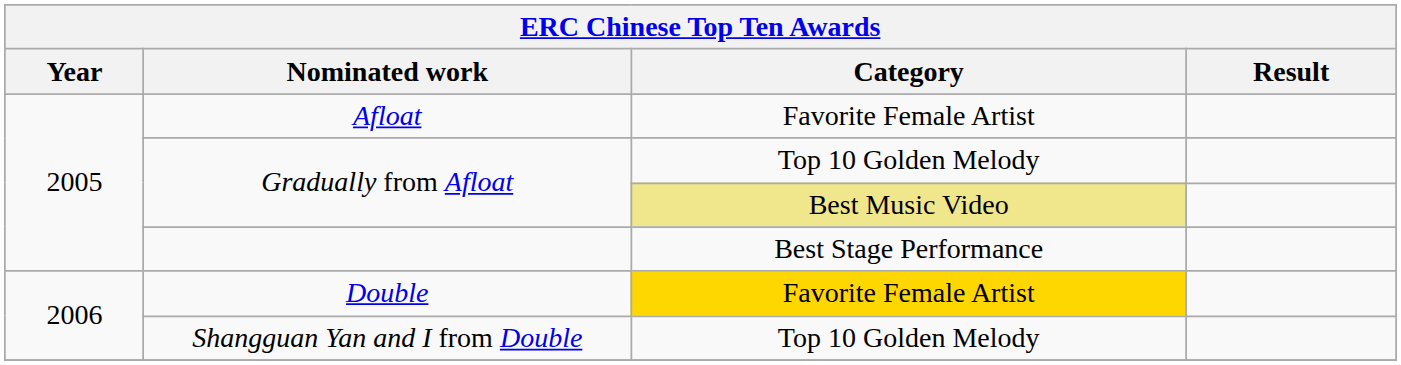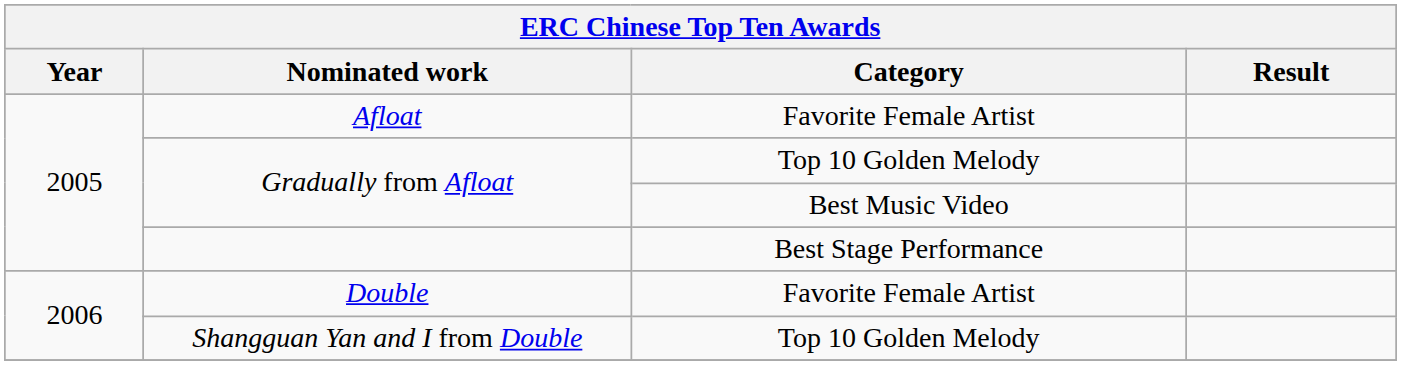 <table width="90%" class="wikitable">
 <tr>
 <th colspan="4" align="center"><a href='#'>ERC Chinese Top Ten Awards</a></th>
 </tr>
 <tr>
 <th width="10%">Year</th>
 <th width="35%">Nominated work</th>
 <th width="40%">Category</th>
 <th width="15%">Result</th>
 </tr>
 <tr>
 <td align="center" rowspan=4>2005</td>
 <td align="center" rowspan=1><em><a href='#'>Afloat</a></em></td>
 <td align="center">Favorite Female Artist</td>
 <td></td>
 </tr>
 <tr>
 <td align="center" rowspan=2><em>Gradually</em> from <em><a href='#'>Afloat</a></em></td>
 <td align="center">Top 10 Golden Melody</td>
 <td></td>
 </tr>
 <tr>
-<td align="center" style="background: khaki;">Best Music Video</td>
+<td align="center">Best Music Video</td>
 <td></td>
 </tr>
 <tr>
 <td align="center"></td>
 <td align="center">Best Stage Performance</td>
 <td></td>
 </tr>
 <tr>
 <td align="center" rowspan=2>2006</td>
 <td align="center" rowspan=1><em><a href='#'>Double</a></em></td>
-<td align="center" style="background: gold;">Favorite Female Artist</td>
+<td align="center">Favorite Female Artist</td>
 <td></td>
 </tr>
 <tr>
 <td align="center"><em>Shangguan Yan and I</em> from <em><a href='#'>Double</a></em></td>
 <td align="center">Top 10 Golden Melody</td>
 <td></td>
 </tr>
 <tr>
 </tr>
 </table>
